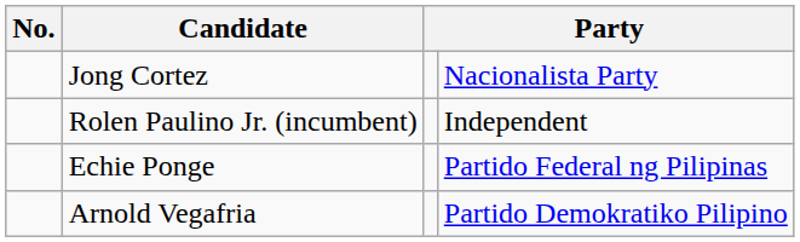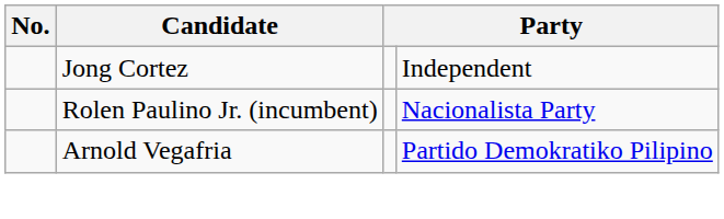 <table class="wikitable sortable" style="text-align:left;">
 <tr>
 <th>No.</th>
 <th>Candidate</th>
 <th colspan="2">Party</th>
 </tr>
 <tr>
 <td></td>
 <td>Jong Cortez</td>
 <td></td>
-<td><a href='#'>Nacionalista Party</a></td>
+<td>Independent</td>
 </tr>
 <tr>
 <td></td>
 <td>Rolen Paulino Jr. (incumbent)</td>
 <td></td>
-<td>Independent</td>
-</tr>
-<tr>
-<td></td>
-<td>Echie Ponge</td>
-<td></td>
-<td><a href='#'>Partido Federal ng Pilipinas</a></td>
+<td><a href='#'>Nacionalista Party</a></td>
 </tr>
 <tr>
 <td></td>
 <td>Arnold Vegafria</td>
 <td></td>
 <td><a href='#'>Partido Demokratiko Pilipino</a></td>
 </tr>
 </table>
